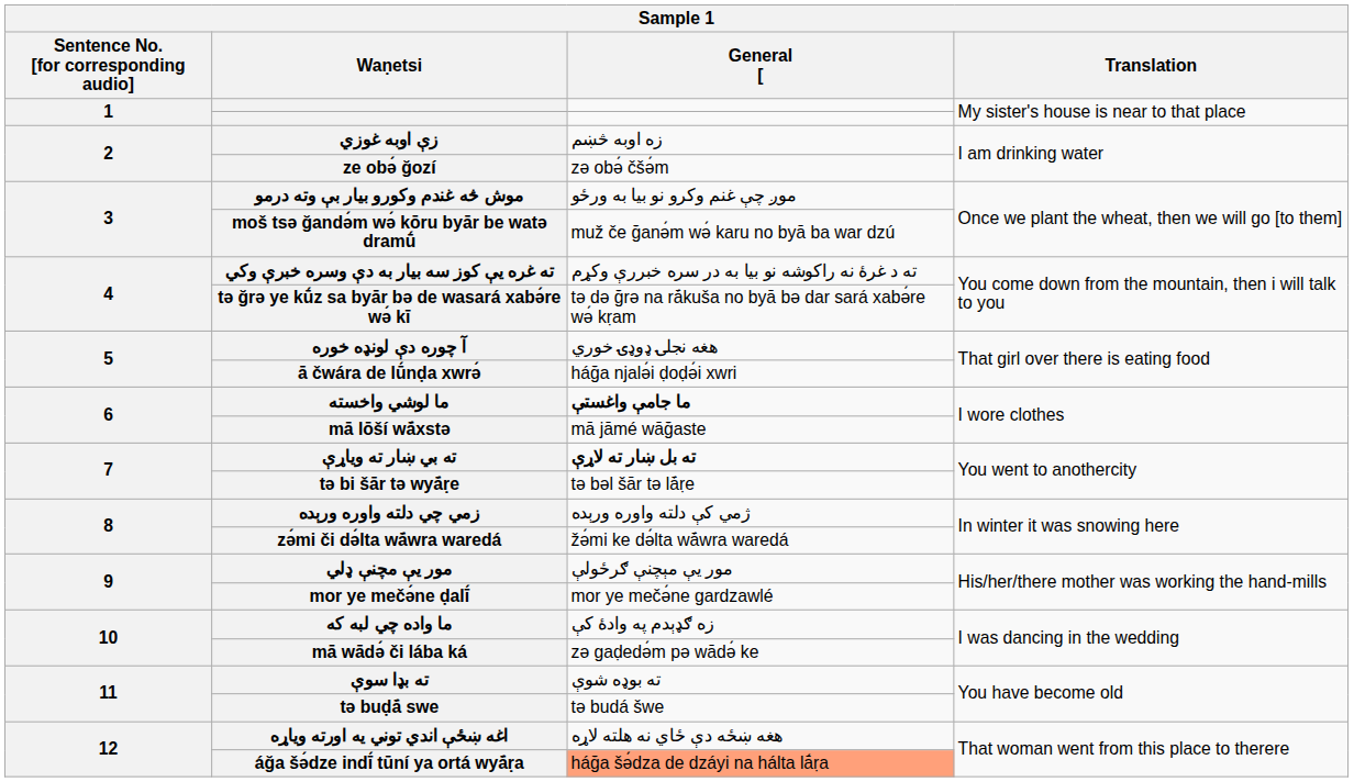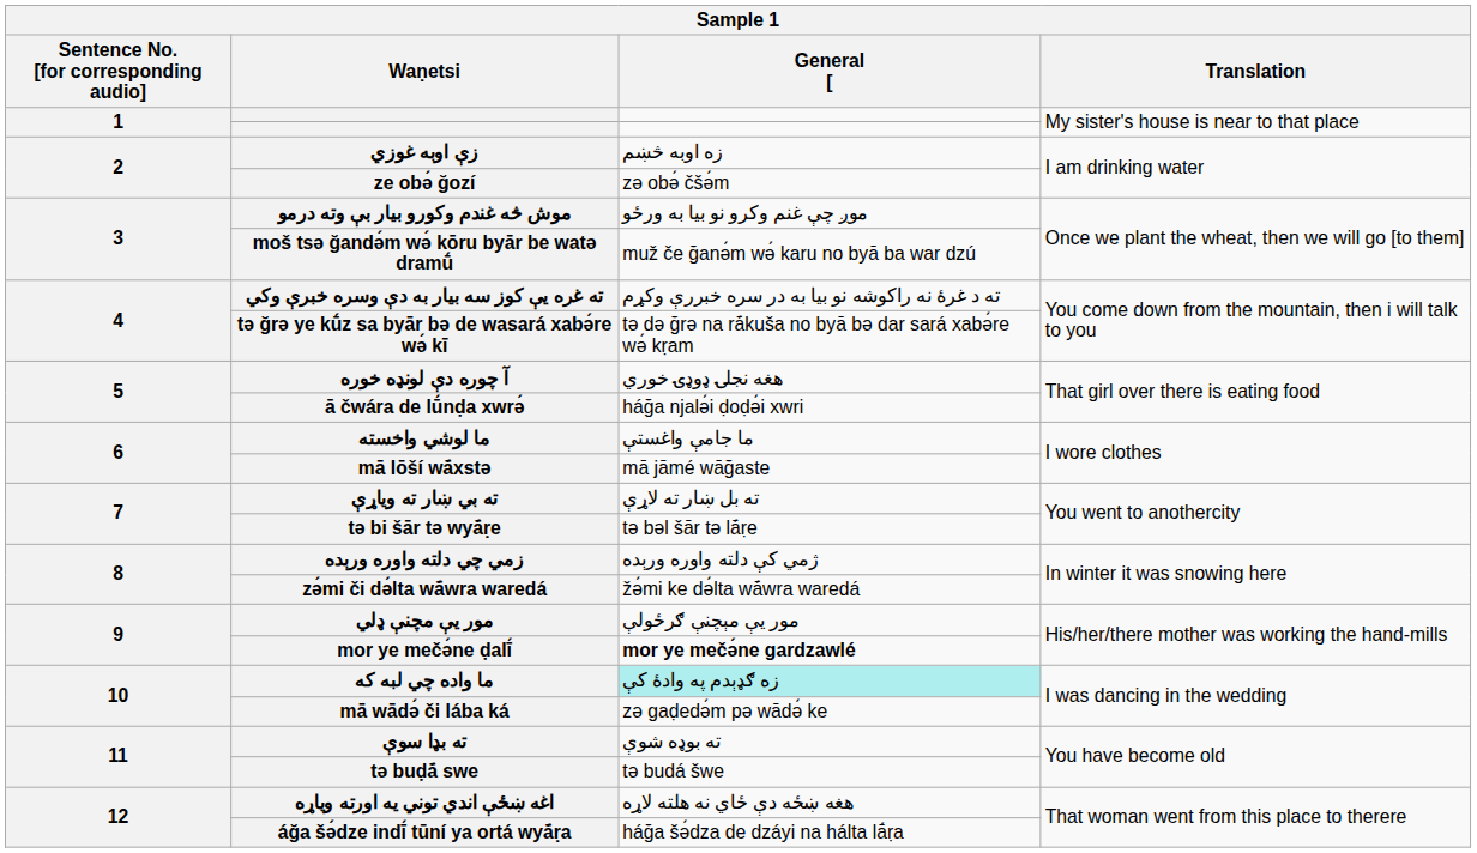 <table class="wikitable">
 <tr>
 <th colspan="4">Sample 1</th>
 </tr>
 <tr>
 <th>Sentence No.<br>[for corresponding audio]</th>
 <th>Waṇetsi</th>
 <th>General<br>[<a href='#'></a></th>
 <th>Translation</th>
 </tr>
 <tr>
 <th rowspan="2">1</th>
 <th></th>
 <td></td>
 <td rowspan="2">My sister's house is near to that place</td>
 </tr>
 <tr>
 <th></th>
 <td></td>
 </tr>
 <tr>
 <th rowspan="2">2</th>
 <th>زې اوبه غوزي</th>
 <td>زه اوبه څښم</td>
 <td rowspan="2">I am drinking water</td>
 </tr>
 <tr>
 <th>ze obə́ ğozí</th>
 <td>zə obə́ čšə́m</td>
 </tr>
 <tr>
 <th rowspan="2">3</th>
 <th>موش څه غندم وکورو بیار بې وته درمو</th>
 <td>موږ چې غنم وکرو نو بيا به ورځو</td>
 <td rowspan="2">Once we plant the wheat, then we will go [to them]</td>
 </tr>
 <tr>
 <th>moš tsə ğandə́m wə́ kōru byār be watə dramū́</th>
 <td>muž če ğanə́m wə́ karu no byā ba war dzú</td>
 </tr>
 <tr>
 <th rowspan="2">4</th>
 <th>ته غره یې کوز سه بیار به دې وسره خبرې وکي</th>
 <td>ته د غرۀ نه راکوشه نو بيا به در سره خبررې وکړم</td>
 <td rowspan="2">You come down from the mountain, then i will talk to you</td>
 </tr>
 <tr>
 <th>tə ğrə ye kū́z sa byār bə de wasará xabə́re wə́ kī</th>
 <td>tə də ğrə na rā́kuša no byā bə dar sará xabə́re wə́ kṛam</td>
 </tr>
 <tr>
 <th rowspan="2">5</th>
 <th>آ چوره دې لونډه خوره</th>
 <td>هغه نجلۍ ډوډۍ خوري</td>
 <td rowspan="2">That girl over there is eating food</td>
 </tr>
 <tr>
 <th>ā čwára de lū́nḍa xwrə́</th>
 <td>háğa njalə́i ḍoḍə́i xwri</td>
 </tr>
 <tr>
 <th rowspan="2">6</th>
 <th>ما لوشي واخسته</th>
-<td><strong>ما جامې واغستې</strong></td>
+<td>ما جامې واغستې</td>
 <td rowspan="2">I wore clothes</td>
 </tr>
 <tr>
 <th>mā lōší wā́xstə</th>
 <td>mā jāmé wāğaste</td>
 </tr>
 <tr>
 <th rowspan="2">7</th>
 <th>ته بي ښار ته ویاړې</th>
-<td><strong>ته بل ښار ته لاړې</strong></td>
+<td>ته بل ښار ته لاړې</td>
 <td rowspan="2">You went to anothercity</td>
 </tr>
 <tr>
 <th>tə bi šār tə wyā́ṛe</th>
 <td>tə bəl šār tə lā́ṛe</td>
 </tr>
 <tr>
 <th rowspan="2">8</th>
 <th>زمي چي دلته واوره ورېده</th>
 <td>ژمي کې دلته واوره ورېده</td>
 <td rowspan="2">In winter it was snowing here</td>
 </tr>
 <tr>
 <th>zə́mi či də́lta wā́wra waredá</th>
 <td>žə́mi ke də́lta wā́wra waredá</td>
 </tr>
 <tr>
 <th rowspan="2">9</th>
 <th>مور یې مچنې ډلي</th>
 <td>مور يې مېچنې ګرځولې</td>
 <td rowspan="2">His/her/there mother was working the hand-mills</td>
 </tr>
 <tr>
 <th>mor ye mečə́ne ḍalī́</th>
-<td>mor ye mečə́ne gardzawlé</td>
+<td><strong>mor ye mečə́ne gardzawlé</strong></td>
 </tr>
 <tr>
 <th rowspan="2">10</th>
 <th>ما واده چي لبه که</th>
-<td>زه ګډېدم په وادۀ کې</td>
+<td style="background: paleturquoise;">زه ګډېدم په وادۀ کې</td>
 <td rowspan="2">I was dancing in the wedding</td>
 </tr>
 <tr>
 <th>mā wādə́ či lába ká</th>
 <td>zə gaḍedə́m pə wādə́ ke</td>
 </tr>
 <tr>
 <th rowspan="2">11</th>
 <th>ته بډا سوې</th>
 <td>ته بوډه شوې</td>
 <td rowspan="2">You have become old</td>
 </tr>
 <tr>
 <th>tə buḍā́ swe</th>
 <td>tə budá šwe</td>
 </tr>
 <tr>
 <th rowspan="2">12</th>
 <th>اغه ښځې اندي توني يه اورته ویاړه</th>
 <td>هغه ښځه دې ځاي نه هلته لاړه</td>
 <td rowspan="2">That woman went from this place to therere</td>
 </tr>
 <tr>
 <th>áğa šə́dze indī́ tūní ya ortá wyā́ṛa</th>
-<td style="background: lightsalmon;">háğa šə́dza de dzáyi na hálta lā́ṛa</td>
+<td>háğa šə́dza de dzáyi na hálta lā́ṛa</td>
 </tr>
 </table>
